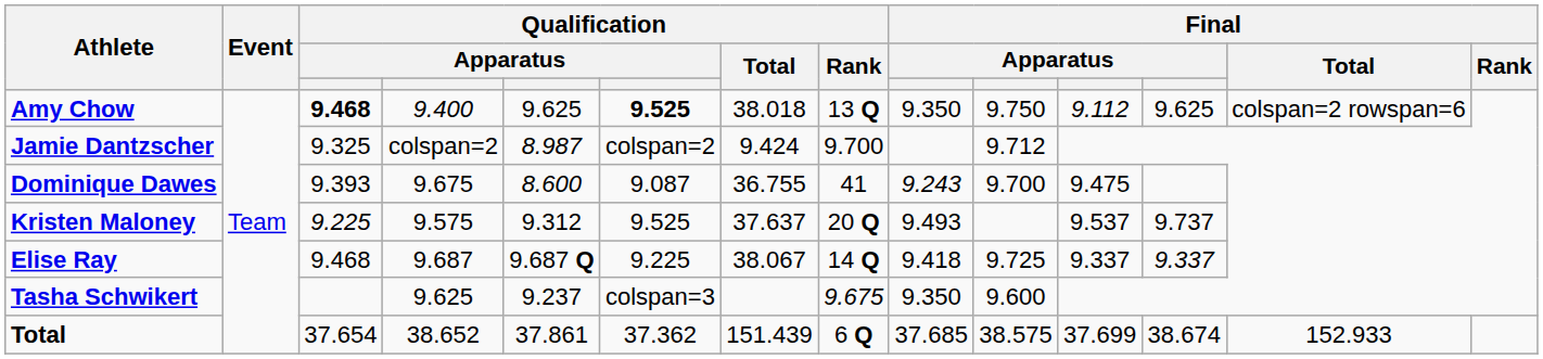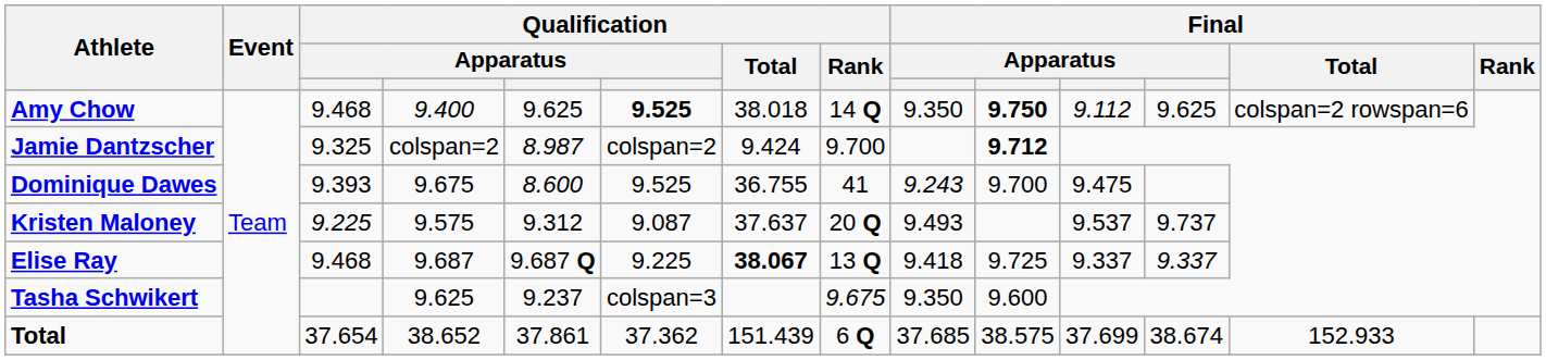 <table class=wikitable style=font-size:90%;text-align:center>
 <tr>
 <th rowspan=3>Athlete</th>
 <th rowspan=3>Event</th>
 <th colspan=6>Qualification</th>
 <th colspan=6>Final</th>
 </tr>
 <tr style=font-size:95%>
 <th colspan=4>Apparatus</th>
 <th rowspan=2>Total</th>
 <th rowspan=2>Rank</th>
 <th colspan=4>Apparatus</th>
 <th rowspan=2>Total</th>
 <th rowspan=2>Rank</th>
 </tr>
 <tr style=font-size:95%>
 <th></th>
 <th></th>
 <th></th>
 <th></th>
 <th></th>
 <th></th>
 <th></th>
 <th></th>
 </tr>
 <tr>
 <td align=left><strong><a href='#'>Amy Chow</a></strong></td>
 <td align=left rowspan=7><a href='#'>Team</a></td>
-<td><strong>9.468</strong></td>
+<td>9.468</td>
 <td><em>9.400</em></td>
 <td>9.625</td>
 <td><strong>9.525</strong></td>
 <td>38.018</td>
-<td>13 <strong>Q</strong></td>
+<td>14 <strong>Q</strong></td>
 <td>9.350</td>
-<td>9.750</td>
+<td><strong>9.750</strong></td>
 <td><em>9.112</em></td>
 <td>9.625</td>
 <td>colspan=2 rowspan=6 </td>
 </tr>
 <tr>
 <td align=left><strong><a href='#'>Jamie Dantzscher</a></strong></td>
 <td>9.325</td>
 <td>colspan=2 </td>
 <td><em>8.987</em></td>
 <td>colspan=2 </td>
 <td>9.424</td>
 <td>9.700</td>
 <td></td>
-<td>9.712</td>
+<td><strong>9.712</strong></td>
 </tr>
 <tr>
 <td align=left><strong><a href='#'>Dominique Dawes</a></strong></td>
 <td>9.393</td>
 <td>9.675</td>
 <td><em>8.600</em></td>
-<td>9.087</td>
+<td>9.525</td>
 <td>36.755</td>
 <td>41</td>
 <td><em>9.243</em></td>
 <td>9.700</td>
 <td>9.475</td>
 <td></td>
 </tr>
 <tr>
 <td align=left><strong><a href='#'>Kristen Maloney</a></strong></td>
 <td><em>9.225</em></td>
 <td>9.575</td>
 <td>9.312</td>
-<td>9.525</td>
+<td>9.087</td>
 <td>37.637</td>
 <td>20 <strong>Q</strong></td>
 <td>9.493</td>
 <td></td>
 <td>9.537</td>
 <td>9.737</td>
 </tr>
 <tr>
 <td align=left><strong><a href='#'>Elise Ray</a></strong></td>
 <td>9.468</td>
 <td>9.687</td>
 <td>9.687 <strong>Q</strong></td>
 <td>9.225</td>
-<td>38.067</td>
-<td>14 <strong>Q</strong></td>
+<td><strong>38.067</strong></td>
+<td>13 <strong>Q</strong></td>
 <td>9.418</td>
 <td>9.725</td>
 <td>9.337</td>
 <td><em>9.337</em></td>
 </tr>
 <tr>
 <td align=left><strong><a href='#'>Tasha Schwikert</a></strong></td>
 <td></td>
 <td>9.625</td>
 <td>9.237</td>
 <td>colspan=3 </td>
 <td></td>
 <td><em>9.675</em></td>
 <td>9.350</td>
 <td>9.600</td>
 </tr>
 <tr>
 <td align=left><strong>Total</strong></td>
 <td>37.654</td>
 <td>38.652</td>
 <td>37.861</td>
 <td>37.362</td>
 <td>151.439</td>
 <td>6 <strong>Q</strong></td>
 <td>37.685</td>
 <td>38.575</td>
 <td>37.699</td>
 <td>38.674</td>
 <td>152.933</td>
 <td></td>
 </tr>
 </table>
